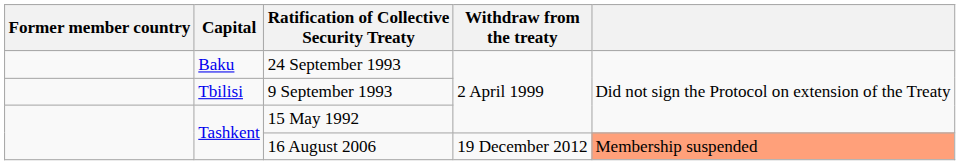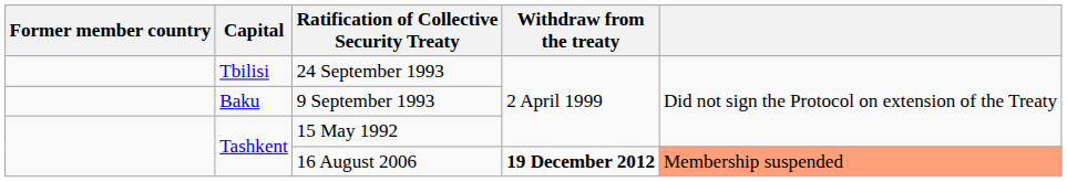 <table class="wikitable sortable">
 <tr>
 <th class="unsortable">Former member country</th>
 <th>Capital</th>
 <th>Ratification of Collective<br>Security Treaty</th>
 <th>Withdraw from <br>the treaty</th>
 <th></th>
 </tr>
 <tr>
 <td></td>
-<td><a href='#'>Baku</a></td>
+<td><a href='#'>Tbilisi</a></td>
 <td>24 September 1993</td>
 <td rowspan="3">2 April 1999</td>
 <td rowspan="3">Did not sign the Protocol on extension of the Treaty</td>
 </tr>
 <tr>
 <td></td>
-<td><a href='#'>Tbilisi</a></td>
+<td><a href='#'>Baku</a></td>
 <td>9 September 1993</td>
 </tr>
 <tr>
 <td rowspan="2"></td>
 <td rowspan="2"><a href='#'>Tashkent</a></td>
 <td>15 May 1992</td>
 </tr>
 <tr>
 <td>16 August 2006</td>
-<td>19 December 2012</td>
+<td><strong>19 December 2012</strong></td>
 <td style="background: lightsalmon;">Membership suspended</td>
 </tr>
 </table>
